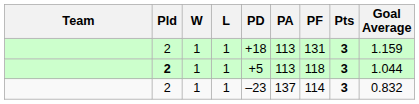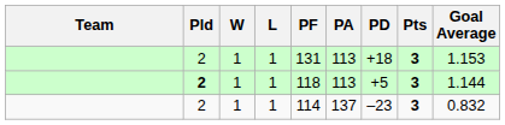 <table class="wikitable" style="text-align:center;">
 <tr>
 <th width=180>Team</th>
 <th width=30>Pld</th>
 <th width=30>W</th>
 <th width=30>L</th>
+<th width=30>PF</th>
+<th width=30>PA</th>
 <th width=30>PD</th>
-<th width=30>PA</th>
-<th width=30>PF</th>
 <th width=30>Pts</th>
 <th width=30>Goal Average</th>
 </tr>
 <tr bgcolor=#ccffcc>
 <td align=left></td>
 <td>2</td>
 <td>1</td>
 <td>1</td>
+<td>131</td>
+<td>113</td>
 <td>+18</td>
-<td>113</td>
-<td>131</td>
 <td><strong>3</strong></td>
-<td>1.159</td>
+<td>1.153</td>
 </tr>
 <tr bgcolor=#ccffcc>
 <td align=left></td>
 <td><strong>2</strong></td>
 <td>1</td>
 <td>1</td>
+<td>118</td>
+<td>113</td>
 <td>+5</td>
-<td>113</td>
-<td>118</td>
 <td><strong>3</strong></td>
-<td>1.044</td>
+<td>1.144</td>
 </tr>
 <tr>
 <td align=left></td>
 <td>2</td>
 <td>1</td>
 <td>1</td>
+<td>114</td>
+<td>137</td>
 <td>–23</td>
-<td>137</td>
-<td>114</td>
 <td><strong>3</strong></td>
 <td>0.832</td>
 </tr>
 </table>
